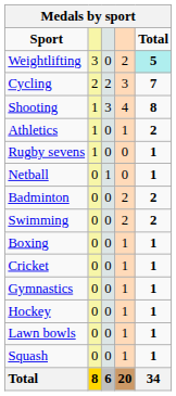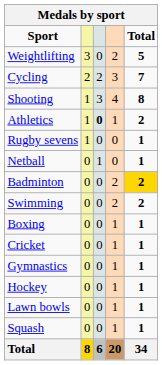 <table class="wikitable" style="text-align:center;font-size:90%">
 <tr style="background:#efefef;">
 <th colspan=7><strong>Medals by sport</strong></th>
 </tr>
 <tr>
 <td><strong>Sport</strong></td>
 <td bgcolor=#f7f6a8></td>
 <td bgcolor=#dce5e5></td>
 <td bgcolor=#ffdab9></td>
 <td><strong>Total</strong></td>
 </tr>
 <tr>
 <td style="text-align:left;"><a href='#'> Weightlifting</a></td>
 <td style="background:#F7F6A8;">3</td>
 <td style="background:#DCE5E5;">0</td>
 <td style="background:#FFDAB9;">2</td>
-<td style="background: paleturquoise;"><strong>5</strong></td>
+<td><strong>5</strong></td>
 </tr>
 <tr>
 <td style="text-align:left;"><a href='#'>Cycling</a></td>
 <td style="background:#F7F6A8;">2</td>
 <td style="background:#DCE5E5;">2</td>
 <td style="background:#FFDAB9;">3</td>
 <td><strong>7</strong></td>
 </tr>
 <tr>
 <td style="text-align:left;"><a href='#'>Shooting</a></td>
 <td style="background:#F7F6A8;">1</td>
 <td style="background:#DCE5E5;">3</td>
 <td style="background:#FFDAB9;">4</td>
 <td><strong>8</strong></td>
 </tr>
 <tr>
 <td style="text-align:left;"><a href='#'>Athletics</a></td>
 <td style="background:#F7F6A8;">1</td>
-<td style="background:#DCE5E5;">0</td>
+<td style="background:#DCE5E5;"><strong>0</strong></td>
 <td style="background:#FFDAB9;">1</td>
 <td><strong>2</strong></td>
 </tr>
 <tr>
 <td style="text-align:left;"><a href='#'>Rugby sevens</a></td>
 <td style="background:#F7F6A8;">1</td>
 <td style="background:#DCE5E5;">0</td>
 <td style="background:#FFDAB9;">0</td>
 <td><strong>1</strong></td>
 </tr>
 <tr>
 <td style="text-align:left;"><a href='#'>Netball</a></td>
 <td style="background:#F7F6A8;">0</td>
 <td style="background:#DCE5E5;">1</td>
 <td style="background:#FFDAB9;">0</td>
 <td><strong>1</strong></td>
 </tr>
 <tr>
 <td style="text-align:left;"><a href='#'>Badminton</a></td>
 <td style="background:#F7F6A8;">0</td>
 <td style="background:#DCE5E5;">0</td>
 <td style="background:#FFDAB9;">2</td>
-<td><strong>2</strong></td>
+<td style="background: gold;"><strong>2</strong></td>
 </tr>
 <tr>
 <td style="text-align:left;"><a href='#'>Swimming</a></td>
 <td style="background:#F7F6A8;">0</td>
 <td style="background:#DCE5E5;">0</td>
 <td style="background:#FFDAB9;">2</td>
 <td><strong>2</strong></td>
 </tr>
 <tr>
 <td style="text-align:left;"><a href='#'>Boxing</a></td>
 <td style="background:#F7F6A8;">0</td>
 <td style="background:#DCE5E5;">0</td>
 <td style="background:#FFDAB9;">1</td>
 <td><strong>1</strong></td>
 </tr>
 <tr>
 <td style="text-align:left;"><a href='#'>Cricket</a></td>
 <td style="background:#F7F6A8;">0</td>
 <td style="background:#DCE5E5;">0</td>
 <td style="background:#FFDAB9;">1</td>
 <td><strong>1</strong></td>
 </tr>
 <tr>
 <td style="text-align:left;"><a href='#'>Gymnastics</a></td>
 <td style="background:#F7F6A8;">0</td>
 <td style="background:#DCE5E5;">0</td>
 <td style="background:#FFDAB9;">1</td>
 <td><strong>1</strong></td>
 </tr>
 <tr>
 <td style="text-align:left;"><a href='#'>Hockey</a></td>
 <td style="background:#F7F6A8;">0</td>
 <td style="background:#DCE5E5;">0</td>
 <td style="background:#FFDAB9;">1</td>
 <td><strong>1</strong></td>
 </tr>
 <tr>
 <td style="text-align:left;"><a href='#'>Lawn bowls</a></td>
 <td style="background:#F7F6A8;">0</td>
 <td style="background:#DCE5E5;">0</td>
 <td style="background:#FFDAB9;">1</td>
 <td><strong>1</strong></td>
 </tr>
 <tr>
 <td style="text-align:left;"><a href='#'>Squash</a></td>
 <td style="background:#F7F6A8;">0</td>
 <td style="background:#DCE5E5;">0</td>
 <td style="background:#FFDAB9;">1</td>
 <td><strong>1</strong></td>
 </tr>
 <tr>
 <th style="text-align:left;"><strong>Total</strong></th>
 <th style="background:gold;"><strong>8</strong></th>
 <th style="background:silver;"><strong>6</strong></th>
 <th style="background:#c96;"><strong>20</strong></th>
 <th><strong>34</strong></th>
 </tr>
 </table>
